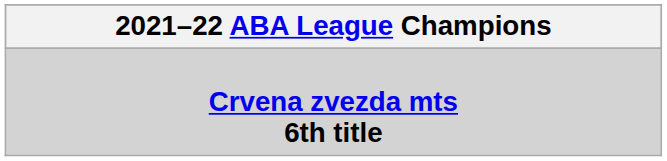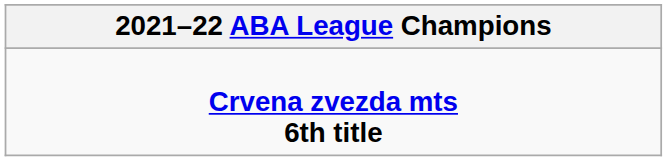 <table class="wikitable" style="margin: 0 auto; width: 30%;">
 <tr>
 <th>2021–22 <a href='#'>ABA League</a> Champions</th>
 </tr>
 <tr>
-<td align=center style="background: lightgrey;"><br><strong><a href='#'>Crvena zvezda mts</a></strong><br><strong>6th title</strong></td>
+<td align=center><br><strong><a href='#'>Crvena zvezda mts</a></strong><br><strong>6th title</strong></td>
 </tr>
 </table>
